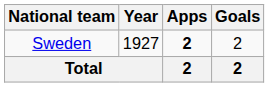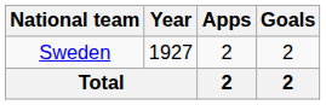 <table class=wikitable style=text-align:center>
 <tr>
 <th>National team</th>
 <th>Year</th>
 <th>Apps</th>
 <th>Goals</th>
 </tr>
 <tr>
 <td rowspan="1"><a href='#'>Sweden</a></td>
 <td>1927</td>
-<td><strong>2</strong></td>
+<td>2</td>
 <td>2</td>
 </tr>
 <tr>
 <th colspan="2">Total</th>
 <th>2</th>
 <th>2</th>
 </tr>
 </table>
